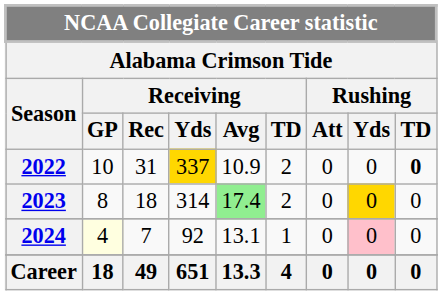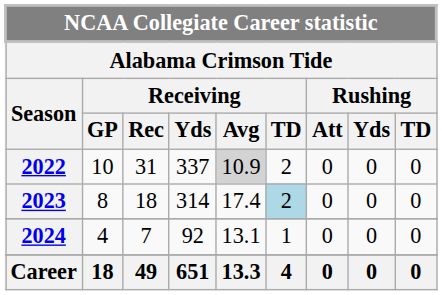 <table class=wikitable style="text-align:center;">
 <tr>
 <th colspan="10" style="background:gray; border:2px solid silver; color:white;">NCAA Collegiate Career statistic</th>
 </tr>
 <tr>
 <th colspan="10">Alabama Crimson Tide</th>
 </tr>
 <tr>
 <th rowspan="2">Season</th>
 <th colspan="5">Receiving</th>
 <th colspan="3">Rushing</th>
 </tr>
 <tr>
 <th>GP</th>
 <th>Rec</th>
 <th>Yds</th>
 <th>Avg</th>
 <th>TD</th>
 <th>Att</th>
 <th>Yds</th>
 <th>TD</th>
 </tr>
 <tr>
 <th><a href='#'>2022</a></th>
 <td>10</td>
 <td>31</td>
-<td style="background: gold;">337</td>
-<td>10.9</td>
+<td>337</td>
+<td style="background: lightgrey;">10.9</td>
 <td>2</td>
 <td>0</td>
 <td>0</td>
-<td><strong>0</strong></td>
+<td>0</td>
 </tr>
 <tr>
 <th><a href='#'>2023</a></th>
 <td>8</td>
 <td>18</td>
 <td>314</td>
-<td style="background: lightgreen;">17.4</td>
-<td>2</td>
+<td>17.4</td>
+<td style="background: lightblue;">2</td>
 <td>0</td>
-<td style="background: gold;">0</td>
+<td>0</td>
 <td>0</td>
 </tr>
 <tr>
 </tr>
 <tr>
 <th><a href='#'>2024</a></th>
-<td style="background: lightyellow;">4</td>
+<td>4</td>
 <td>7</td>
 <td>92</td>
 <td>13.1</td>
 <td>1</td>
 <td>0</td>
-<td style="background: pink;">0</td>
+<td>0</td>
 <td>0</td>
 </tr>
 <tr>
 </tr>
 <tr>
 <th>Career</th>
 <th>18</th>
 <th>49</th>
 <th>651</th>
 <th>13.3</th>
 <th>4</th>
 <th>0</th>
 <th>0</th>
 <th>0</th>
 </tr>
 </table>
